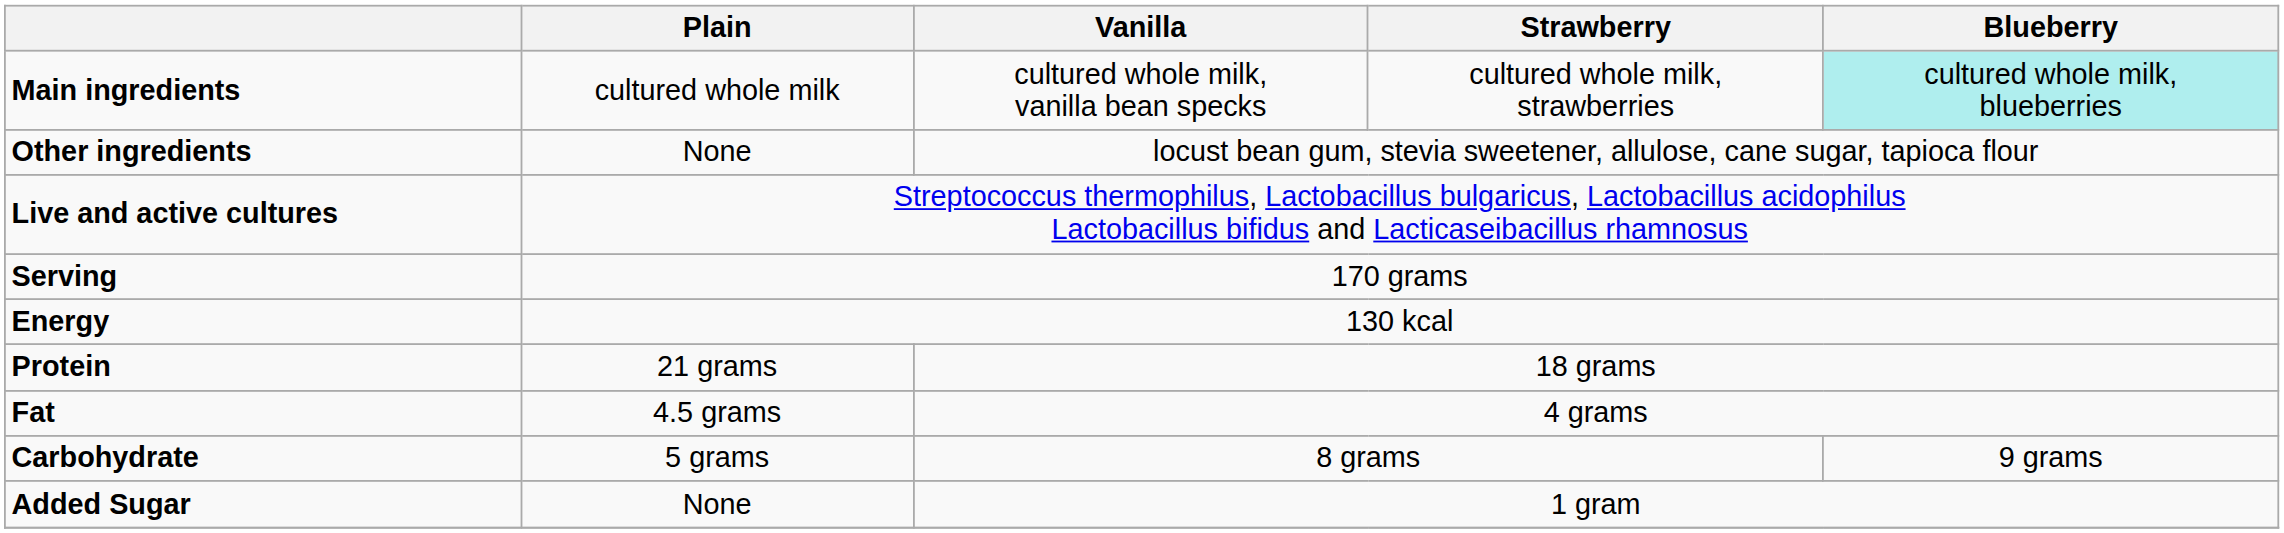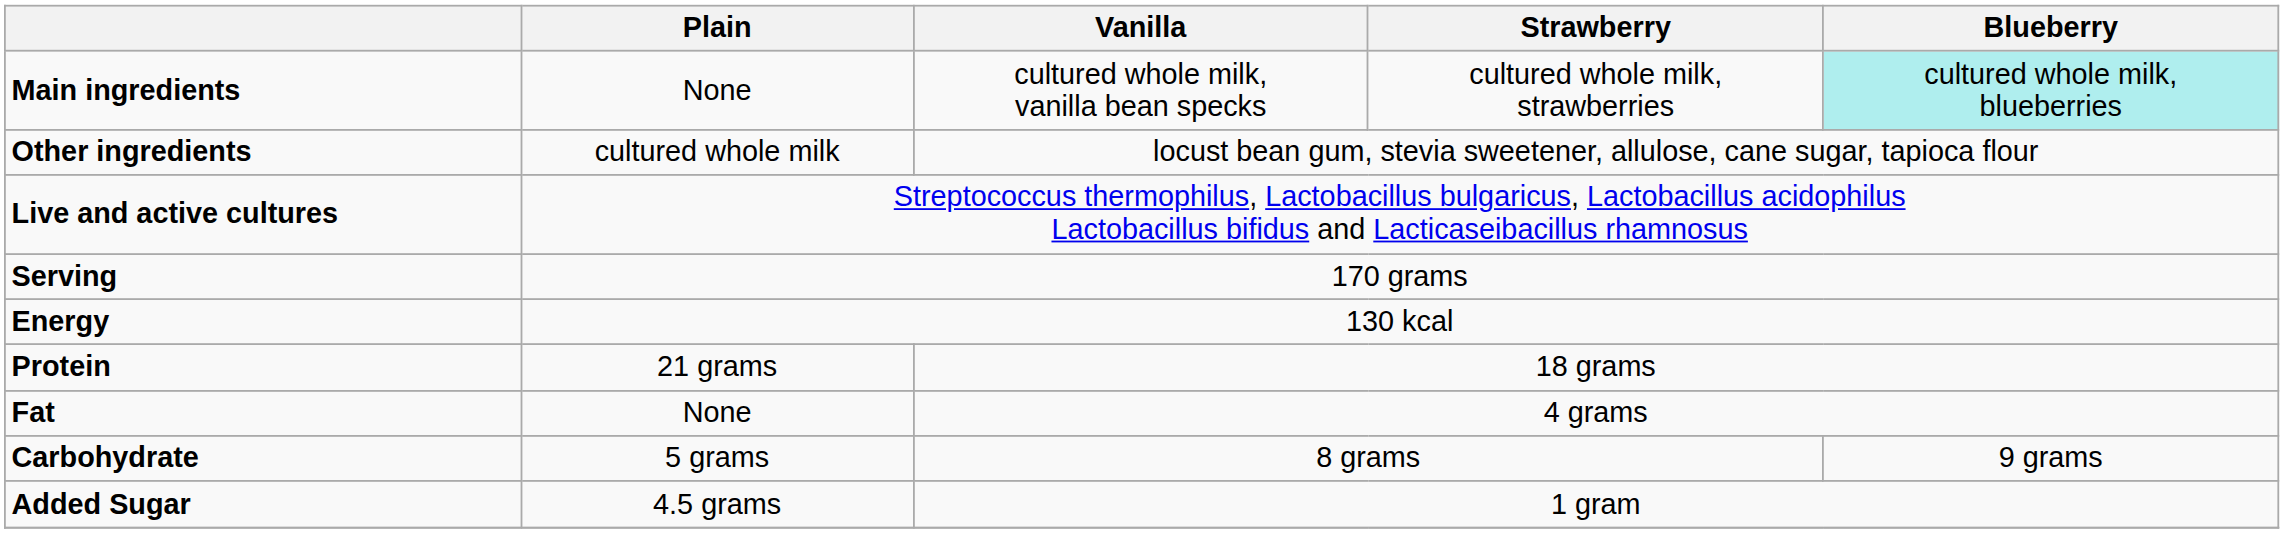 <table class="wikitable sortable" style="display: inline-table;width: 100%;">
 <tr>
 <th></th>
 <th>Plain</th>
 <th>Vanilla</th>
 <th>Strawberry</th>
 <th>Blueberry</th>
 </tr>
 <tr>
 <td><strong>Main ingredients</strong></td>
-<td style="text-align: center;">cultured whole milk</td>
+<td style="text-align: center;">None</td>
 <td style="text-align: center;">cultured whole milk,<br>vanilla bean specks</td>
 <td style="text-align: center;">cultured whole milk,<br>strawberries</td>
 <td style="background: paleturquoise; text-align: center;">cultured whole milk,<br>blueberries</td>
 </tr>
 <tr>
 <td><strong>Other ingredients</strong></td>
-<td style="text-align: center;">None</td>
+<td style="text-align: center;">cultured whole milk</td>
 <td colspan=3 style="text-align: center;">locust bean gum, stevia sweetener, allulose, cane sugar, tapioca flour</td>
 </tr>
 <tr>
 <td><strong>Live and active cultures</strong></td>
 <td colspan=4 style="text-align: center;"><a href='#'>Streptococcus thermophilus</a>, <a href='#'>Lactobacillus bulgaricus</a>, <a href='#'>Lactobacillus acidophilus</a><br><a href='#'>Lactobacillus bifidus</a> and <a href='#'>Lacticaseibacillus rhamnosus</a></td>
 </tr>
 <tr>
 <td><strong>Serving</strong></td>
 <td colspan=4 style="text-align: center;">170 grams</td>
 </tr>
 <tr>
 <td><strong>Energy</strong></td>
 <td colspan=4 style="text-align: center;">130 kcal</td>
 </tr>
 <tr>
 <td><strong>Protein</strong></td>
 <td style="text-align: center;">21 grams</td>
 <td colspan=3 style="text-align: center;">18 grams</td>
 </tr>
 <tr>
 <td><strong>Fat</strong></td>
-<td style="text-align: center;">4.5 grams</td>
+<td style="text-align: center;">None</td>
 <td colspan=3 style="text-align: center;">4 grams</td>
 </tr>
 <tr>
 <td><strong>Carbohydrate</strong></td>
 <td style="text-align: center;">5 grams</td>
 <td colspan=2 style="text-align: center;">8 grams</td>
 <td style="text-align: center;">9 grams</td>
 </tr>
 <tr>
 <td><strong>Added Sugar</strong></td>
-<td style="text-align: center;">None</td>
+<td style="text-align: center;">4.5 grams</td>
 <td colspan=3 style="text-align: center;">1 gram</td>
 </tr>
 <tr>
 </tr>
 </table>
